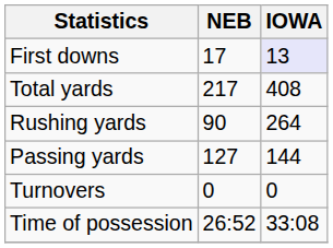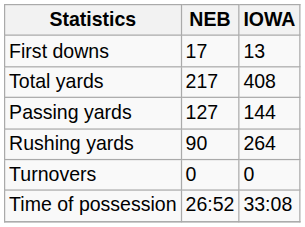 <table class="wikitable">
 <tr>
 <th>Statistics</th>
 <th>NEB</th>
 <th>IOWA</th>
 </tr>
 <tr>
 <td>First downs</td>
 <td>17</td>
-<td style="background: lavender;">13</td>
+<td>13</td>
 </tr>
 <tr>
 <td>Total yards</td>
 <td>217</td>
 <td>408</td>
 </tr>
 <tr>
+<td>Passing yards</td>
+<td>127</td>
+<td>144</td>
+</tr>
+<tr>
 <td>Rushing yards</td>
 <td>90</td>
 <td>264</td>
-</tr>
-<tr>
-<td>Passing yards</td>
-<td>127</td>
-<td>144</td>
 </tr>
 <tr>
 <td>Turnovers</td>
 <td>0</td>
 <td>0</td>
 </tr>
 <tr>
 <td>Time of possession</td>
 <td>26:52</td>
 <td>33:08</td>
 </tr>
 <tr>
 </tr>
 </table>
